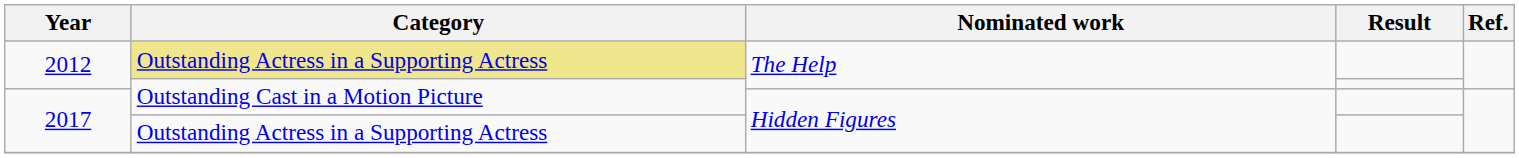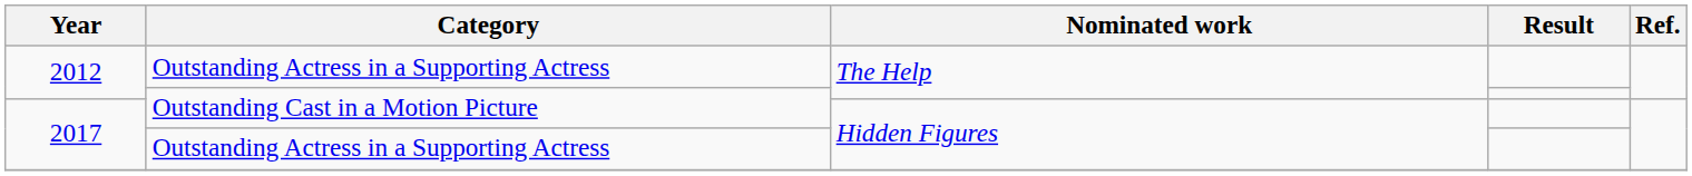 <table class=wikitable>
 <tr>
 <th scope="col" style="width:5em;">Year</th>
 <th scope="col" style="width:26em;">Category</th>
 <th scope="col" style="width:25em;">Nominated work</th>
 <th scope="col" style="width:5em;">Result</th>
 <th>Ref.</th>
 </tr>
 <tr>
 <td style="text-align:center;", rowspan="2"><a href='#'>2012</a></td>
-<td style="background: khaki;"><a href='#'>Outstanding Actress in a Supporting Actress</a></td>
+<td><a href='#'>Outstanding Actress in a Supporting Actress</a></td>
 <td rowspan="2"><em><a href='#'>The Help</a></em></td>
 <td></td>
 <td style="text-align:center;" rowspan="2"></td>
 </tr>
 <tr>
 <td rowspan=2><a href='#'>Outstanding Cast in a Motion Picture</a></td>
 <td></td>
 </tr>
 <tr>
 <td style="text-align:center;", rowspan="2"><a href='#'>2017</a></td>
 <td rowspan="2"><em><a href='#'>Hidden Figures</a></em></td>
 <td></td>
 <td style="text-align:center;" rowspan="2"></td>
 </tr>
 <tr>
 <td><a href='#'>Outstanding Actress in a Supporting Actress</a></td>
 <td></td>
 </tr>
 <tr>
 </tr>
 </table>
